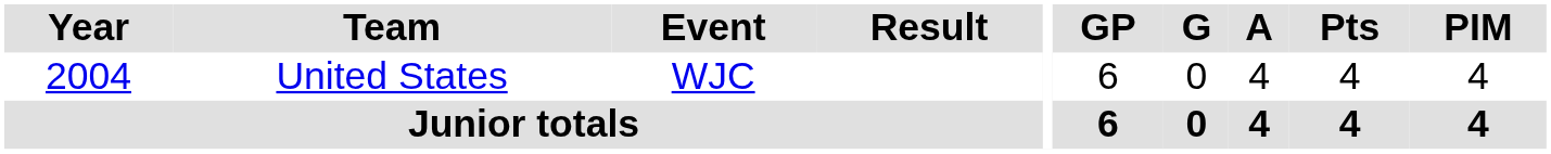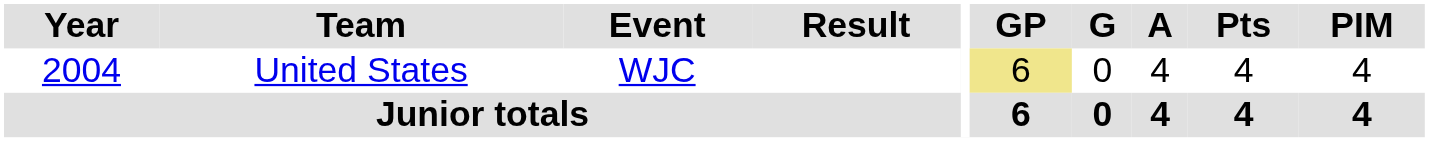 <table border="0" cellpadding="1" cellspacing="0" ID="Table3" style="text-align:center; width:40em">
 <tr ALIGN="center" bgcolor="#e0e0e0">
 <th>Year</th>
 <th>Team</th>
 <th>Event</th>
 <th>Result</th>
 <th rowspan="99" bgcolor="#ffffff"></th>
 <th>GP</th>
 <th>G</th>
 <th>A</th>
 <th>Pts</th>
 <th>PIM</th>
 </tr>
 <tr>
 <td><a href='#'>2004</a></td>
 <td><a href='#'>United States</a></td>
 <td><a href='#'>WJC</a></td>
 <td></td>
-<td>6</td>
+<td style="background: khaki;">6</td>
 <td>0</td>
 <td>4</td>
 <td>4</td>
 <td>4</td>
 </tr>
 <tr bgcolor="#e0e0e0">
 <th colspan="4">Junior totals</th>
 <th>6</th>
 <th>0</th>
 <th>4</th>
 <th>4</th>
 <th>4</th>
 </tr>
 </table>
